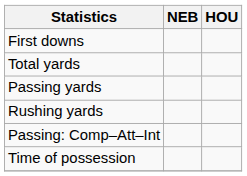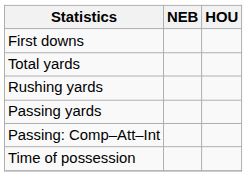 <table class="wikitable" style="float: left;">
 <tr>
 <th>Statistics</th>
 <th>NEB</th>
 <th>HOU</th>
 </tr>
 <tr>
 <td>First downs</td>
 <td></td>
 <td></td>
 </tr>
 <tr>
 <td>Total yards</td>
 <td></td>
 <td></td>
 </tr>
 <tr>
-<td>Passing yards</td>
+<td>Rushing yards</td>
 <td></td>
 <td></td>
 </tr>
 <tr>
-<td>Rushing yards</td>
+<td>Passing yards</td>
 <td></td>
 <td></td>
 </tr>
 <tr>
 <td>Passing: Comp–Att–Int</td>
 <td></td>
 <td></td>
 </tr>
 <tr>
 <td>Time of possession</td>
 <td></td>
 <td></td>
 </tr>
 <tr>
 </tr>
 </table>
